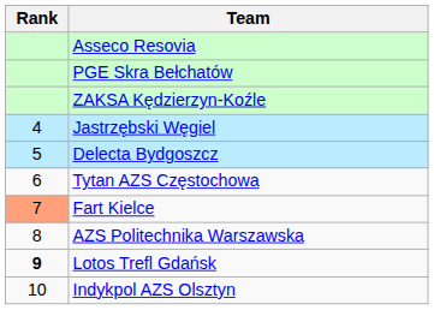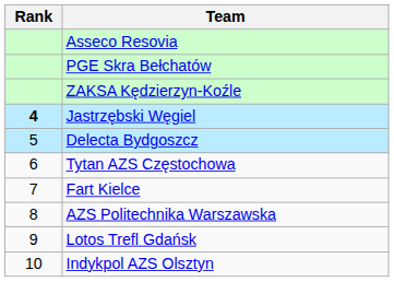 <table class="wikitable" style="white-space: nowrap; width:25%;">
 <tr>
 <th width=15%>Rank</th>
 <th>Team</th>
 </tr>
 <tr bgcolor=#CCFFCC>
 <td style="text-align:center;"></td>
 <td><a href='#'>Asseco Resovia</a></td>
 </tr>
 <tr bgcolor=#CCFFCC>
 <td style="text-align:center;"></td>
 <td><a href='#'>PGE Skra Bełchatów</a></td>
 </tr>
 <tr bgcolor=#CCFFCC>
 <td style="text-align:center;"></td>
 <td><a href='#'>ZAKSA Kędzierzyn-Koźle</a></td>
 </tr>
 <tr bgcolor=#BBEBFF>
-<td style="text-align:center;">4</td>
+<td style="text-align:center;"><strong>4</strong></td>
 <td><a href='#'>Jastrzębski Węgiel</a></td>
 </tr>
 <tr bgcolor=#BBEBFF>
 <td style="text-align:center;">5</td>
 <td><a href='#'>Delecta Bydgoszcz</a></td>
 </tr>
 <tr>
 <td style="text-align:center;">6</td>
 <td><a href='#'>Tytan AZS Częstochowa</a></td>
 </tr>
 <tr>
-<td style="background: lightsalmon; text-align:center;">7</td>
+<td style="text-align:center;">7</td>
 <td><a href='#'>Fart Kielce</a></td>
 </tr>
 <tr>
 <td style="text-align:center;">8</td>
 <td><a href='#'>AZS Politechnika Warszawska</a></td>
 </tr>
 <tr>
-<td style="text-align:center;"><strong>9</strong></td>
+<td style="text-align:center;">9</td>
 <td><a href='#'>Lotos Trefl Gdańsk</a></td>
 </tr>
 <tr>
 <td style="text-align:center;">10</td>
 <td><a href='#'>Indykpol AZS Olsztyn</a></td>
 </tr>
 </table>
